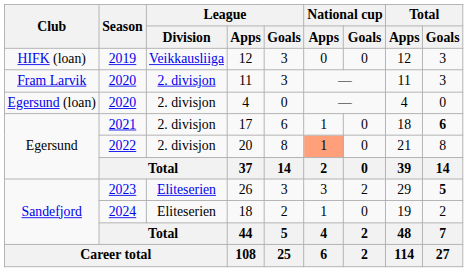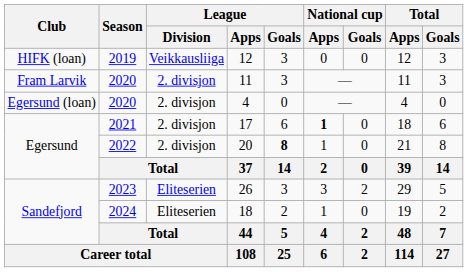 <table class="wikitable" style="text-align: center;">
 <tr>
 <th rowspan="2">Club</th>
 <th rowspan="2">Season</th>
 <th colspan="3">League</th>
 <th colspan="2">National cup</th>
 <th colspan="2">Total</th>
 </tr>
 <tr>
 <th>Division</th>
 <th>Apps</th>
 <th>Goals</th>
 <th>Apps</th>
 <th>Goals</th>
 <th>Apps</th>
 <th>Goals</th>
 </tr>
 <tr>
 <td><a href='#'>HIFK</a> (loan)</td>
 <td><a href='#'>2019</a></td>
 <td><a href='#'>Veikkausliiga</a></td>
 <td>12</td>
 <td>3</td>
 <td>0</td>
 <td>0</td>
 <td>12</td>
 <td>3</td>
 </tr>
 <tr>
 <td><a href='#'>Fram Larvik</a></td>
 <td><a href='#'>2020</a></td>
 <td><a href='#'>2. divisjon</a></td>
 <td>11</td>
 <td>3</td>
 <td colspan="2">—</td>
 <td>11</td>
 <td>3</td>
 </tr>
 <tr>
 <td><a href='#'>Egersund</a> (loan)</td>
 <td><a href='#'>2020</a></td>
 <td>2. divisjon</td>
 <td>4</td>
 <td>0</td>
 <td colspan="2">—</td>
 <td>4</td>
 <td>0</td>
 </tr>
 <tr>
 <td rowspan="3">Egersund</td>
 <td><a href='#'>2021</a></td>
 <td>2. divisjon</td>
 <td>17</td>
 <td>6</td>
-<td>1</td>
+<td><strong>1</strong></td>
 <td>0</td>
 <td>18</td>
-<td><strong>6</strong></td>
+<td>6</td>
 </tr>
 <tr>
 <td><a href='#'>2022</a></td>
 <td>2. divisjon</td>
 <td>20</td>
-<td>8</td>
-<td style="background: lightsalmon;">1</td>
+<td><strong>8</strong></td>
+<td>1</td>
 <td>0</td>
 <td>21</td>
 <td>8</td>
 </tr>
 <tr>
 <th colspan="2">Total</th>
 <th>37</th>
 <th>14</th>
 <th>2</th>
 <th>0</th>
 <th>39</th>
 <th>14</th>
 </tr>
 <tr>
 <td rowspan="3"><a href='#'>Sandefjord</a></td>
 <td><a href='#'>2023</a></td>
 <td><a href='#'>Eliteserien</a></td>
 <td>26</td>
 <td>3</td>
 <td>3</td>
 <td>2</td>
 <td>29</td>
-<td><strong>5</strong></td>
+<td>5</td>
 </tr>
 <tr>
 <td><a href='#'>2024</a></td>
 <td>Eliteserien</td>
 <td>18</td>
 <td>2</td>
 <td>1</td>
 <td>0</td>
 <td>19</td>
 <td>2</td>
 </tr>
 <tr>
 <th colspan="2">Total</th>
 <th>44</th>
 <th>5</th>
 <th>4</th>
 <th>2</th>
 <th>48</th>
 <th>7</th>
 </tr>
 <tr>
 <th colspan="3">Career total</th>
 <th>108</th>
 <th>25</th>
 <th>6</th>
 <th>2</th>
 <th>114</th>
 <th>27</th>
 </tr>
 </table>
